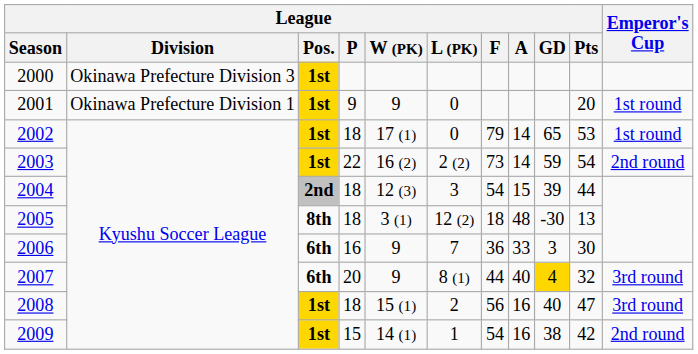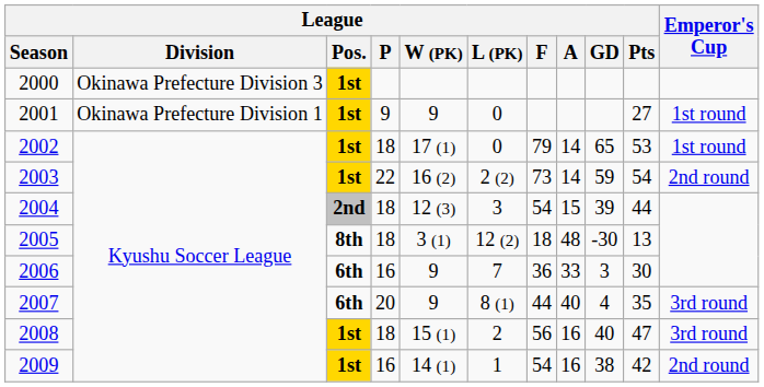 <table class="wikitable" style="text-align: center;">
 <tr>
 <th colspan="10"><strong>League</strong></th>
 <th rowspan="2"><a href='#'>Emperor's</a><br><a href='#'>Cup</a></th>
 </tr>
 <tr>
 <th>Season</th>
 <th>Division</th>
 <th>Pos.</th>
 <th>P</th>
 <th>W <small>(PK)</small></th>
 <th>L <small>(PK)</small></th>
 <th>F</th>
 <th>A</th>
 <th>GD</th>
 <th>Pts</th>
 </tr>
 <tr>
 <td>2000</td>
 <td>Okinawa Prefecture Division 3</td>
 <td bgcolor="gold"><strong>1st</strong></td>
 <td></td>
 <td></td>
 <td></td>
 <td></td>
 <td></td>
 <td></td>
 <td></td>
 </tr>
 <tr>
 <td>2001</td>
 <td>Okinawa Prefecture Division 1</td>
 <td bgcolor="gold"><strong>1st</strong></td>
 <td>9</td>
 <td>9</td>
 <td>0</td>
 <td></td>
 <td></td>
 <td></td>
-<td>20</td>
+<td>27</td>
 <td><a href='#'>1st round</a></td>
 </tr>
 <tr>
 <td><a href='#'>2002</a></td>
 <td rowspan="8"><a href='#'>Kyushu Soccer League</a></td>
 <td bgcolor="gold"><strong>1st</strong></td>
 <td>18</td>
 <td>17 <small>(1)</small></td>
 <td>0</td>
 <td>79</td>
 <td>14</td>
 <td>65</td>
 <td>53</td>
 <td><a href='#'>1st round</a></td>
 </tr>
 <tr>
 <td><a href='#'>2003</a></td>
 <td bgcolor="gold"><strong>1st</strong></td>
 <td>22</td>
 <td>16 <small>(2)</small></td>
 <td>2 <small>(2)</small></td>
 <td>73</td>
 <td>14</td>
 <td>59</td>
 <td>54</td>
 <td><a href='#'>2nd round</a></td>
 </tr>
 <tr>
 <td><a href='#'>2004</a></td>
 <td bgcolor="silver"><strong>2nd</strong></td>
 <td>18</td>
 <td>12 <small>(3)</small></td>
 <td>3</td>
 <td>54</td>
 <td>15</td>
 <td>39</td>
 <td>44</td>
 </tr>
 <tr>
 <td><a href='#'>2005</a></td>
 <td><strong>8th</strong></td>
 <td>18</td>
 <td>3 <small>(1)</small></td>
 <td>12 <small>(2)</small></td>
 <td>18</td>
 <td>48</td>
 <td>-30</td>
 <td>13</td>
 </tr>
 <tr>
 <td><a href='#'>2006</a></td>
 <td><strong>6th</strong></td>
 <td>16</td>
 <td>9</td>
 <td>7</td>
 <td>36</td>
 <td>33</td>
 <td>3</td>
 <td>30</td>
 </tr>
 <tr>
 <td><a href='#'>2007</a></td>
 <td><strong>6th</strong></td>
 <td>20</td>
 <td>9</td>
 <td>8 <small>(1)</small></td>
 <td>44</td>
 <td>40</td>
-<td style="background: gold;">4</td>
-<td>32</td>
+<td>4</td>
+<td>35</td>
 <td><a href='#'>3rd round</a></td>
 </tr>
 <tr>
 <td><a href='#'>2008</a></td>
 <td bgcolor="gold"><strong>1st</strong></td>
 <td>18</td>
 <td>15 <small>(1)</small></td>
 <td>2</td>
 <td>56</td>
 <td>16</td>
 <td>40</td>
 <td>47</td>
 <td><a href='#'>3rd round</a></td>
 </tr>
 <tr>
 <td><a href='#'>2009</a></td>
 <td bgcolor="gold"><strong>1st</strong></td>
-<td>15</td>
+<td>16</td>
 <td>14 <small>(1)</small></td>
 <td>1</td>
 <td>54</td>
 <td>16</td>
 <td>38</td>
 <td>42</td>
 <td><a href='#'>2nd round</a></td>
 </tr>
 </table>
